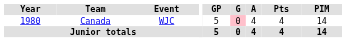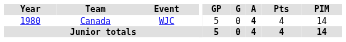 <table border="0" cellpadding="1" cellspacing="0" ID="Table3" style="text-align:center; width:40em">
 <tr bgcolor="#e0e0e0">
 <th>Year</th>
 <th>Team</th>
 <th>Event</th>
 <th rowspan="102" bgcolor="#ffffff"></th>
 <th>GP</th>
 <th>G</th>
 <th>A</th>
 <th>Pts</th>
 <th>PIM</th>
 </tr>
 <tr>
 <td><a href='#'>1980</a></td>
 <td><a href='#'>Canada</a></td>
 <td><a href='#'>WJC</a></td>
 <td>5</td>
-<td style="background: pink;">0</td>
-<td>4</td>
+<td>0</td>
+<td><strong>4</strong></td>
 <td>4</td>
 <td>14</td>
 </tr>
 <tr bgcolor="#e0e0e0">
 <th colspan="4">Junior totals</th>
 <th>5</th>
 <th>0</th>
 <th>4</th>
 <th>4</th>
 <th>14</th>
 </tr>
 </table>
